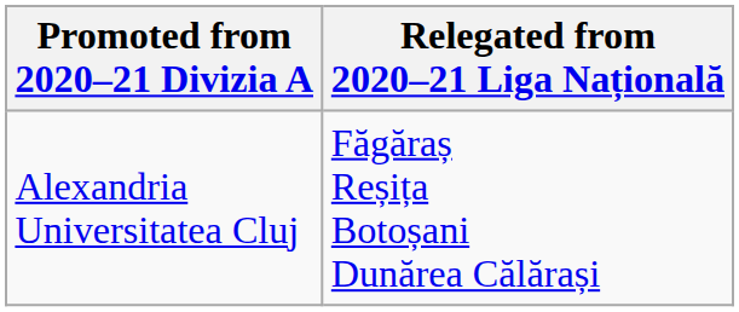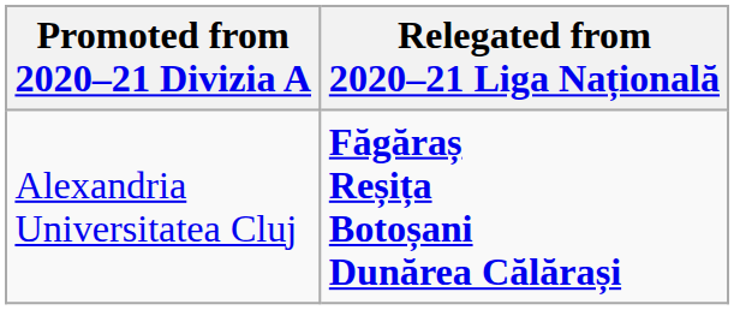 <table class="wikitable">
 <tr>
 <th>Promoted from<br><a href='#'>2020–21 Divizia A</a></th>
 <th>Relegated from<br><a href='#'>2020–21 Liga Națională</a></th>
 </tr>
 <tr>
 <td><a href='#'>Alexandria</a><br><a href='#'>Universitatea Cluj</a></td>
-<td><a href='#'>Făgăraș</a><br><a href='#'>Reșița</a><br><a href='#'>Botoșani</a><br><a href='#'>Dunărea Călărași</a></td>
+<td><strong><a href='#'>Făgăraș</a><br><a href='#'>Reșița</a><br><a href='#'>Botoșani</a><br><a href='#'>Dunărea Călărași</a></strong></td>
 </tr>
 </table>
